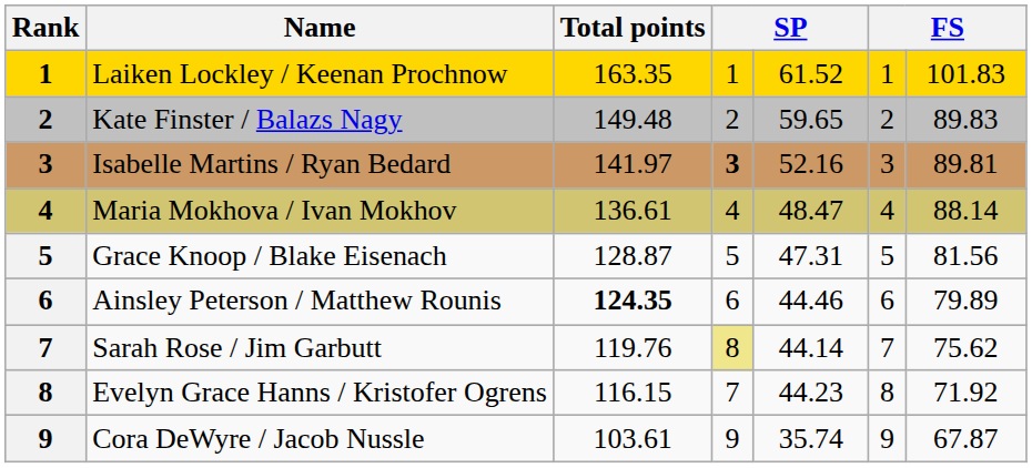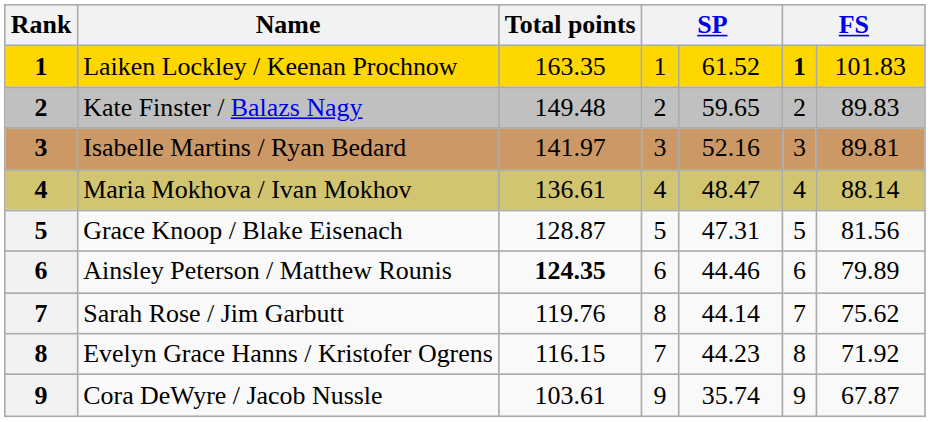 <table class="wikitable sortable">
 <tr>
 <th>Rank</th>
 <th>Name</th>
 <th>Total points</th>
 <th colspan="2" width="80px"><a href='#'>SP</a></th>
 <th colspan="2" width="80px"><a href='#'>FS</a></th>
 </tr>
 <tr bgcolor="gold">
 <td align="center"><strong>1</strong></td>
 <td>Laiken Lockley / Keenan Prochnow</td>
 <td align="center">163.35</td>
 <td align="center">1</td>
 <td align="center">61.52</td>
-<td align="center">1</td>
+<td align="center"><strong>1</strong></td>
 <td align="center">101.83</td>
 </tr>
 <tr bgcolor="silver">
 <td align="center"><strong>2</strong></td>
 <td>Kate Finster / <a href='#'>Balazs Nagy</a></td>
 <td align="center">149.48</td>
 <td align="center">2</td>
 <td align="center">59.65</td>
 <td align="center">2</td>
 <td align="center">89.83</td>
 </tr>
 <tr bgcolor="cc9966">
 <td align="center"><strong>3</strong></td>
 <td>Isabelle Martins / Ryan Bedard</td>
 <td align="center">141.97</td>
-<td align="center"><strong>3</strong></td>
+<td align="center">3</td>
 <td align="center">52.16</td>
 <td align="center">3</td>
 <td align="center">89.81</td>
 </tr>
 <tr bgcolor="#d1c571">
 <td align="center"><strong>4</strong></td>
 <td>Maria Mokhova / Ivan Mokhov</td>
 <td align="center">136.61</td>
 <td align="center">4</td>
 <td align="center">48.47</td>
 <td align="center">4</td>
 <td align="center">88.14</td>
 </tr>
 <tr>
 <th>5</th>
 <td>Grace Knoop / Blake Eisenach</td>
 <td align="center">128.87</td>
 <td align="center">5</td>
 <td align="center">47.31</td>
 <td align="center">5</td>
 <td align="center">81.56</td>
 </tr>
 <tr>
 <th>6</th>
 <td>Ainsley Peterson / Matthew Rounis</td>
 <td align="center"><strong>124.35</strong></td>
 <td align="center">6</td>
 <td align="center">44.46</td>
 <td align="center">6</td>
 <td align="center">79.89</td>
 </tr>
 <tr>
 <th>7</th>
 <td>Sarah Rose / Jim Garbutt</td>
 <td align="center">119.76</td>
-<td align="center" style="background: khaki;">8</td>
+<td align="center">8</td>
 <td align="center">44.14</td>
 <td align="center">7</td>
 <td align="center">75.62</td>
 </tr>
 <tr>
 <th>8</th>
 <td>Evelyn Grace Hanns / Kristofer Ogrens</td>
 <td align="center">116.15</td>
 <td align="center">7</td>
 <td align="center">44.23</td>
 <td align="center">8</td>
 <td align="center">71.92</td>
 </tr>
 <tr>
 <th>9</th>
 <td>Cora DeWyre / Jacob Nussle</td>
 <td align="center">103.61</td>
 <td align="center">9</td>
 <td align="center">35.74</td>
 <td align="center">9</td>
 <td align="center">67.87</td>
 </tr>
 </table>
